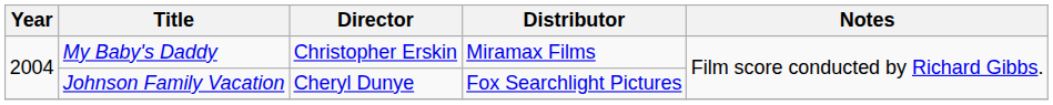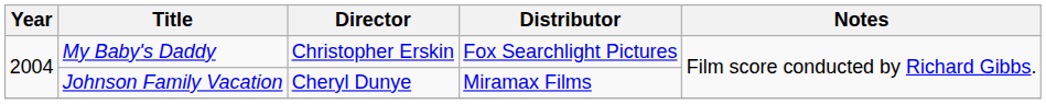 <table class="wikitable">
 <tr>
 <th>Year</th>
 <th>Title</th>
 <th>Director</th>
 <th>Distributor</th>
 <th>Notes</th>
 </tr>
 <tr>
 <td rowspan="2">2004</td>
 <td><em><a href='#'>My Baby's Daddy</a></em></td>
 <td><a href='#'>Christopher Erskin</a></td>
-<td><a href='#'>Miramax Films</a></td>
+<td><a href='#'>Fox Searchlight Pictures</a></td>
 <td rowspan="2">Film score conducted by <a href='#'>Richard Gibbs</a>.</td>
 </tr>
 <tr>
 <td><em><a href='#'>Johnson Family Vacation</a></em></td>
 <td><a href='#'>Cheryl Dunye</a></td>
-<td><a href='#'>Fox Searchlight Pictures</a></td>
+<td><a href='#'>Miramax Films</a></td>
 </tr>
 <tr>
 </tr>
 </table>
